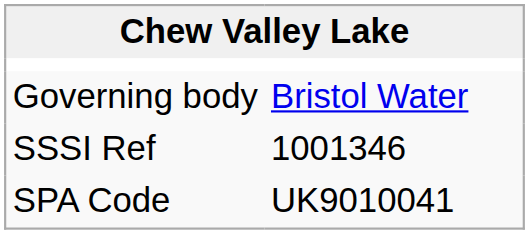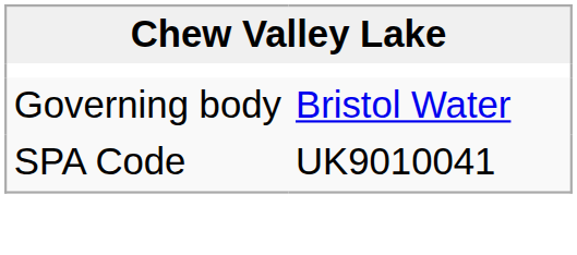 <table class="infobox" cellpadding="3" cellspacing="0" style="border-collapse:collapse; width:240px;">
 <tr>
 <td colspan=2 style="background: #f0f0f0; font-weight: bolder; text-align: center;"><strong>Chew Valley Lake</strong></td>
 </tr>
 <tr>
 <td colspan=2 style="text-align: center; background: white;"></td>
 </tr>
 <tr>
 <td style="width:50%;">Governing body</td>
 <td style="width:50%;"><a href='#'>Bristol Water</a></td>
 </tr>
 <tr>
-<td style="width:50%;">SSSI Ref</td>
-<td style="width:50%;">1001346</td>
-</tr>
-<tr>
 <td style="width:50%;">SPA Code</td>
 <td style="width:50%;">UK9010041</td>
 </tr>
 </table>
